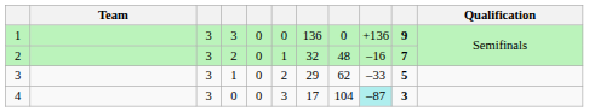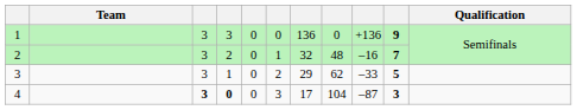 <table class="wikitable" style="text-align:center;">
 <tr>
 <th style="width:1.5em;"></th>
 <th style="width:12.5em">Team</th>
 <th style="width:1.5em;"></th>
 <th style="width:1.5em;"></th>
 <th style="width:1.5em;"></th>
 <th style="width:1.5em;"></th>
 <th style="width:2.0em;"></th>
 <th style="width:2.0em;"></th>
 <th style="width:2.0em;"></th>
 <th style="width:1.5em;"></th>
 <th style="width:12.5em">Qualification</th>
 </tr>
 <tr bgcolor="#bbf3bb">
 <td>1</td>
 <td align="left"></td>
 <td>3</td>
 <td>3</td>
 <td>0</td>
 <td>0</td>
 <td>136</td>
 <td>0</td>
 <td>+136</td>
 <td><strong>9</strong></td>
 <td rowspan=2>Semifinals</td>
 </tr>
 <tr bgcolor="#bbf3bb">
 <td>2</td>
 <td align="left"></td>
 <td>3</td>
 <td>2</td>
 <td>0</td>
 <td>1</td>
 <td>32</td>
 <td>48</td>
 <td>–16</td>
 <td><strong>7</strong></td>
 </tr>
 <tr>
 <td>3</td>
 <td align="left"></td>
 <td>3</td>
 <td>1</td>
 <td>0</td>
 <td>2</td>
 <td>29</td>
 <td>62</td>
 <td>–33</td>
 <td><strong>5</strong></td>
 <td></td>
 </tr>
 <tr>
 <td>4</td>
 <td align=left></td>
-<td>3</td>
-<td>0</td>
+<td><strong>3</strong></td>
+<td><strong>0</strong></td>
 <td>0</td>
 <td>3</td>
 <td>17</td>
 <td>104</td>
-<td style="background: paleturquoise;">–87</td>
+<td>–87</td>
 <td><strong>3</strong></td>
 <td></td>
 </tr>
 </table>
